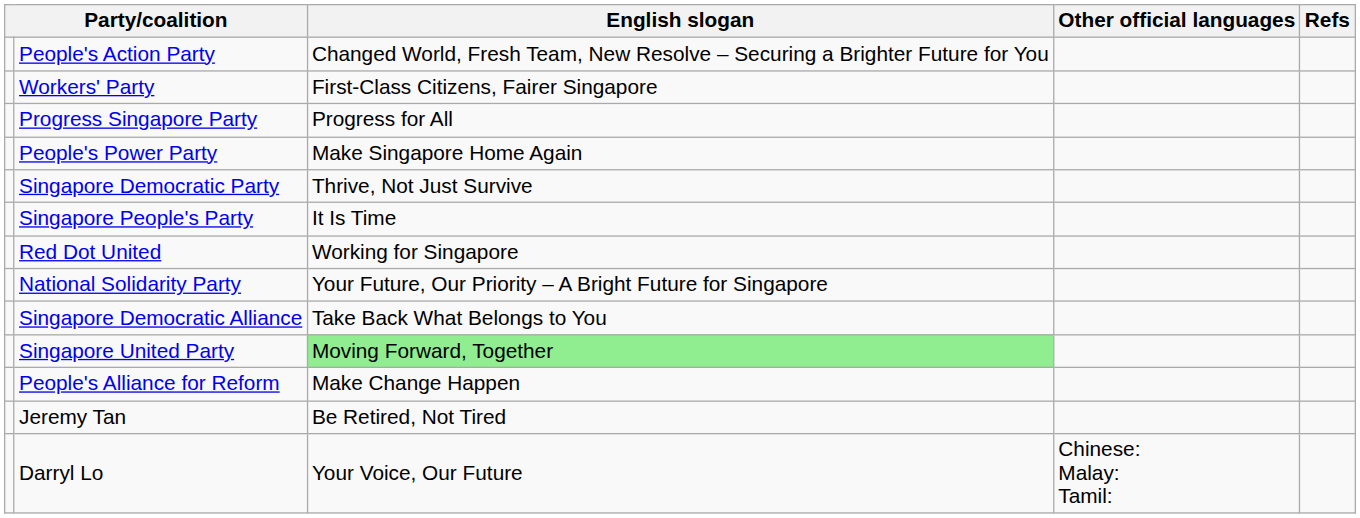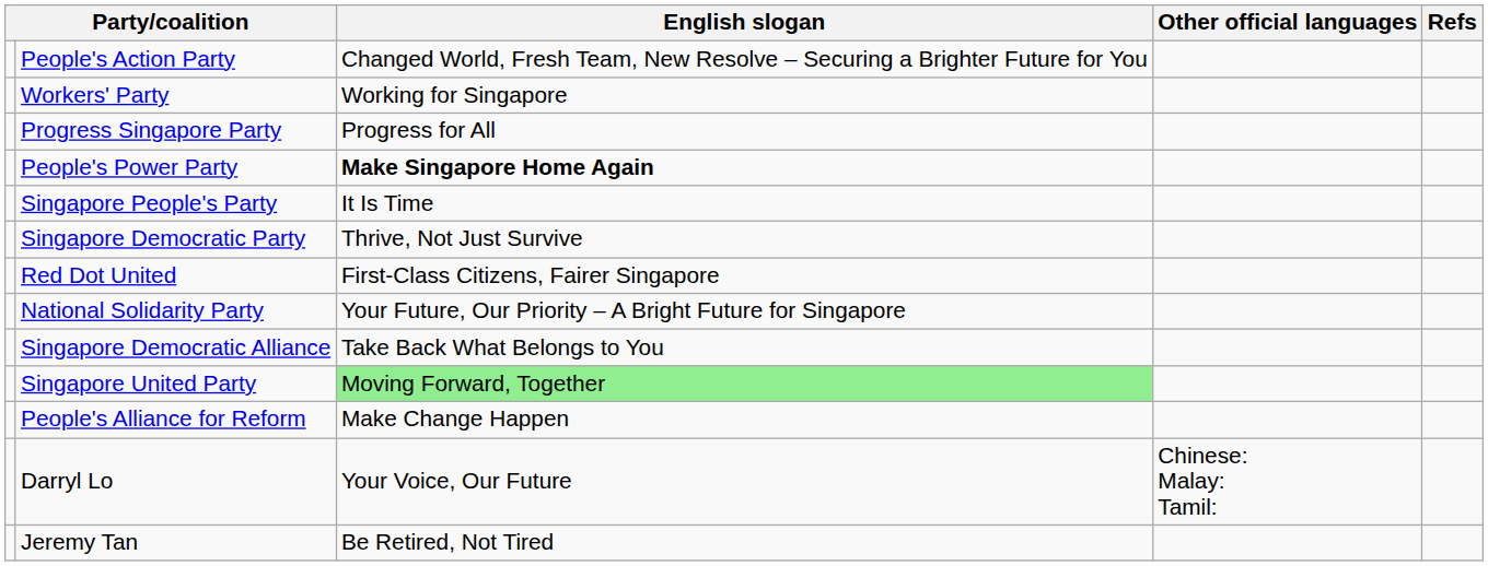 <table class="wikitable">
 <tr>
 <th colspan="2">Party/coalition</th>
 <th>English slogan</th>
 <th>Other official languages</th>
 <th>Refs</th>
 </tr>
 <tr>
 <td style="background: "></td>
 <td><a href='#'>People's Action Party</a></td>
 <td>Changed World, Fresh Team, New Resolve – Securing a Brighter Future for You</td>
 <td></td>
 <td></td>
 </tr>
 <tr>
 <td style="background: "></td>
 <td><a href='#'>Workers' Party</a></td>
-<td>First-Class Citizens, Fairer Singapore</td>
+<td>Working for Singapore</td>
 <td></td>
 <td></td>
 </tr>
 <tr>
 <td style="background: "></td>
 <td><a href='#'>Progress Singapore Party</a></td>
 <td>Progress for All</td>
 <td></td>
 <td></td>
 </tr>
 <tr>
 <td style="background: "></td>
 <td><a href='#'>People's Power Party</a></td>
-<td>Make Singapore Home Again</td>
+<td><strong>Make Singapore Home Again</strong></td>
+<td></td>
+<td></td>
+</tr>
+<tr>
+<td style="background: "></td>
+<td><a href='#'>Singapore People's Party</a></td>
+<td>It Is Time</td>
 <td></td>
 <td></td>
 </tr>
 <tr>
 <td style="background: "></td>
 <td><a href='#'>Singapore Democratic Party</a></td>
 <td>Thrive, Not Just Survive</td>
 <td></td>
 <td></td>
 </tr>
 <tr>
 <td style="background: "></td>
-<td><a href='#'>Singapore People's Party</a></td>
-<td>It Is Time</td>
-<td></td>
-<td></td>
-</tr>
-<tr>
-<td style="background: "></td>
 <td><a href='#'>Red Dot United</a></td>
-<td>Working for Singapore</td>
+<td>First-Class Citizens, Fairer Singapore</td>
 <td></td>
 <td></td>
 </tr>
 <tr>
 <td style="background: "></td>
 <td><a href='#'>National Solidarity Party</a></td>
 <td>Your Future, Our Priority – A Bright Future for Singapore</td>
 <td></td>
 <td></td>
 </tr>
 <tr>
 <td style="background: "></td>
 <td><a href='#'>Singapore Democratic Alliance</a></td>
 <td>Take Back What Belongs to You</td>
 <td></td>
 <td></td>
 </tr>
 <tr>
 <td style="background: "></td>
 <td><a href='#'>Singapore United Party</a></td>
 <td style="background: lightgreen;">Moving Forward, Together</td>
 <td></td>
 <td></td>
 </tr>
 <tr>
 <td style="background: "></td>
 <td><a href='#'>People's Alliance for Reform</a></td>
 <td>Make Change Happen</td>
 <td></td>
 <td></td>
 </tr>
 <tr>
 <td style="background: "></td>
+<td>Darryl Lo</td>
+<td>Your Voice, Our Future</td>
+<td>Chinese: <br>Malay: <br>Tamil: </td>
+<td></td>
+</tr>
+<tr>
+<td style="background: "></td>
 <td>Jeremy Tan</td>
 <td>Be Retired, Not Tired</td>
 <td></td>
 <td></td>
 </tr>
-<tr>
-<td style="background: "></td>
-<td>Darryl Lo</td>
-<td>Your Voice, Our Future</td>
-<td>Chinese: <br>Malay: <br>Tamil: </td>
-<td></td>
-</tr>
 </table>
